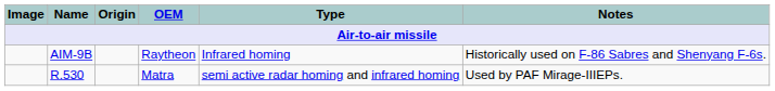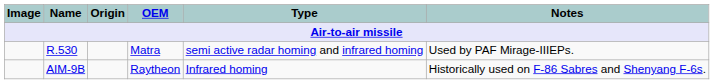 <table class="wikitable">
 <tr>
 <th style="text-align:l center; background:#acc;">Image</th>
 <th style="text-align:l center; background:#acc;">Name</th>
 <th style="text-align:center; background:#acc;">Origin</th>
 <th style="text-align: center; background:#acc;"><a href='#'>OEM</a></th>
 <th style="text-align:l center; background:#acc;">Type</th>
 <th style="text-align: center; background:#acc;">Notes</th>
 </tr>
 <tr>
 <th style="align: center; background: lavender;" colspan="6"><a href='#'>Air-to-air missile</a></th>
 </tr>
 <tr>
 <td></td>
+<td><a href='#'>R.530</a></td>
+<td></td>
+<td><a href='#'>Matra</a></td>
+<td><a href='#'>semi active radar homing</a> and <a href='#'>infrared homing</a></td>
+<td>Used by PAF Mirage-IIIEPs. </td>
+</tr>
+<tr>
+<td></td>
 <td><a href='#'>AIM-9B</a></td>
 <td></td>
 <td><a href='#'>Raytheon</a></td>
 <td><a href='#'>Infrared homing</a></td>
 <td>Historically used on <a href='#'>F-86 Sabres</a> and <a href='#'>Shenyang F-6s</a>.</td>
 </tr>
-<tr>
-<td></td>
-<td><a href='#'>R.530</a></td>
-<td></td>
-<td><a href='#'>Matra</a></td>
-<td><a href='#'>semi active radar homing</a> and <a href='#'>infrared homing</a></td>
-<td>Used by PAF Mirage-IIIEPs. </td>
-</tr>
 </table>
